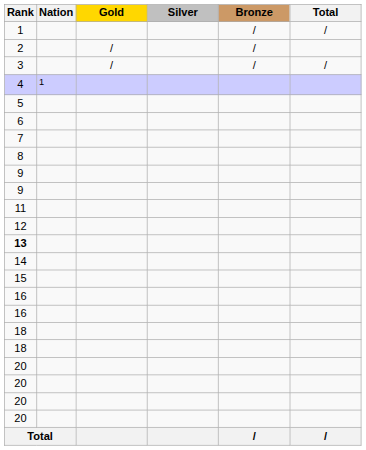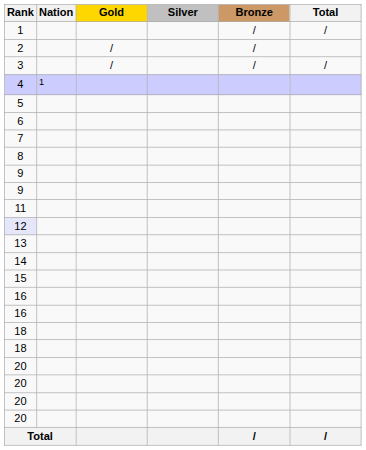 <table class="wikitable sortable plainrowheaders" style="text-align: center">
 <tr>
 <th scope="col">Rank</th>
 <th scope="col">Nation</th>
 <th scope="col" style="background-color:gold; width:6em;">Gold</th>
 <th scope="col" style="background-color:silver; width:6em;">Silver</th>
 <th scope="col" style="background-color:#cc9966; width:6em;">Bronze</th>
 <th scope="col" style="width:6em;">Total</th>
 </tr>
 <tr>
 <td>1</td>
 <td align=left> </td>
 <td></td>
 <td></td>
 <td>/</td>
 <td>/</td>
 </tr>
 <tr>
 <td>2</td>
 <td align=left> </td>
 <td>/</td>
 <td></td>
 <td>/</td>
 <td></td>
 </tr>
 <tr>
 <td>3</td>
 <td align=left> </td>
 <td>/</td>
 <td></td>
 <td>/</td>
 <td>/</td>
 </tr>
 <tr style="background-color:#ccccff">
 <td>4</td>
 <td align=left> <sup>1</sup></td>
 <td></td>
 <td></td>
 <td></td>
 <td></td>
 </tr>
 <tr>
 <td>5</td>
 <td align=left></td>
 <td></td>
 <td></td>
 <td></td>
 <td></td>
 </tr>
 <tr>
 <td>6</td>
 <td align=left></td>
 <td></td>
 <td></td>
 <td></td>
 <td></td>
 </tr>
 <tr>
 <td>7</td>
 <td align=left></td>
 <td></td>
 <td></td>
 <td></td>
 <td></td>
 </tr>
 <tr>
 <td>8</td>
 <td align=left></td>
 <td></td>
 <td></td>
 <td></td>
 <td></td>
 </tr>
 <tr>
 <td>9</td>
 <td align=left></td>
 <td></td>
 <td></td>
 <td></td>
 <td></td>
 </tr>
 <tr>
 <td>9</td>
 <td align=left></td>
 <td></td>
 <td></td>
 <td></td>
 <td></td>
 </tr>
 <tr>
 <td>11</td>
 <td align=left></td>
 <td></td>
 <td></td>
 <td></td>
 <td></td>
 </tr>
 <tr>
-<td>12</td>
+<td style="background: lavender;">12</td>
 <td align=left></td>
 <td></td>
 <td></td>
 <td></td>
 <td></td>
 </tr>
 <tr>
-<td><strong>13</strong></td>
+<td>13</td>
 <td align=left></td>
 <td></td>
 <td></td>
 <td></td>
 <td></td>
 </tr>
 <tr>
 <td>14</td>
 <td align=left></td>
 <td></td>
 <td></td>
 <td></td>
 <td></td>
 </tr>
 <tr>
 <td>15</td>
 <td align=left></td>
 <td></td>
 <td></td>
 <td></td>
 <td></td>
 </tr>
 <tr>
 <td>16</td>
 <td align=left></td>
 <td></td>
 <td></td>
 <td></td>
 <td></td>
 </tr>
 <tr>
 <td>16</td>
 <td align=left></td>
 <td></td>
 <td></td>
 <td></td>
 <td></td>
 </tr>
 <tr>
 <td>18</td>
 <td align=left></td>
 <td></td>
 <td></td>
 <td></td>
 <td></td>
 </tr>
 <tr>
 <td>18</td>
 <td align=left></td>
 <td></td>
 <td></td>
 <td></td>
 <td></td>
 </tr>
 <tr>
 <td>20</td>
 <td align=left></td>
 <td></td>
 <td></td>
 <td></td>
 <td></td>
 </tr>
 <tr>
 <td>20</td>
 <td align=left></td>
 <td></td>
 <td></td>
 <td></td>
 <td></td>
 </tr>
 <tr>
 <td>20</td>
 <td align=left></td>
 <td></td>
 <td></td>
 <td></td>
 <td></td>
 </tr>
 <tr>
 <td>20</td>
 <td align=left></td>
 <td></td>
 <td></td>
 <td></td>
 <td></td>
 </tr>
 <tr class="sortbottom">
 <th colspan=2>Total</th>
 <th></th>
 <th></th>
 <th>/</th>
 <th>/</th>
 </tr>
 </table>
